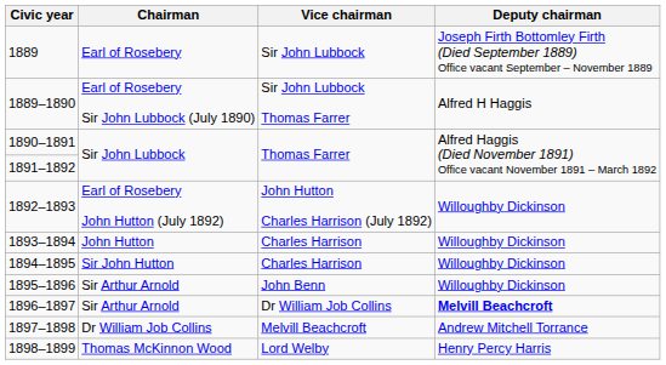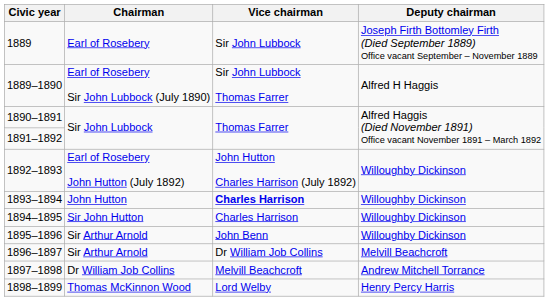 <table class="wikitable" border="1">
 <tr>
 <th>Civic year</th>
 <th>Chairman</th>
 <th>Vice chairman</th>
 <th>Deputy chairman</th>
 </tr>
 <tr>
 <td>1889</td>
 <td><a href='#'>Earl of Rosebery</a></td>
 <td>Sir <a href='#'>John Lubbock</a></td>
 <td><a href='#'>Joseph Firth Bottomley Firth</a> <br><em>(Died September 1889)</em><br><small>Office vacant September – November 1889</small></td>
 </tr>
 <tr>
 <td>1889–1890</td>
 <td><a href='#'>Earl of Rosebery</a><br><br>Sir <a href='#'>John Lubbock</a> (July 1890)</td>
 <td>Sir <a href='#'>John Lubbock</a><br><br><a href='#'>Thomas Farrer</a></td>
 <td>Alfred H Haggis</td>
 </tr>
 <tr>
 <td>1890–1891</td>
 <td rowspan=2>Sir <a href='#'>John Lubbock</a></td>
 <td rowspan=2><a href='#'>Thomas Farrer</a></td>
 <td rowspan=2>Alfred Haggis <br><em>(Died November 1891)</em><br><small>Office vacant November 1891 – March 1892</small></td>
 </tr>
 <tr>
 <td>1891–1892</td>
 </tr>
 <tr>
 <td>1892–1893</td>
 <td><a href='#'>Earl of Rosebery</a><br><br><a href='#'>John Hutton</a> (July 1892)</td>
 <td><a href='#'>John Hutton</a><br><br><a href='#'>Charles Harrison</a> (July 1892)</td>
 <td><a href='#'>Willoughby Dickinson</a></td>
 </tr>
 <tr>
 <td>1893–1894</td>
 <td><a href='#'>John Hutton</a></td>
-<td><a href='#'>Charles Harrison</a></td>
+<td><strong><a href='#'>Charles Harrison</a></strong></td>
 <td><a href='#'>Willoughby Dickinson</a></td>
 </tr>
 <tr>
 <td>1894–1895</td>
 <td><a href='#'>Sir John Hutton</a></td>
 <td><a href='#'>Charles Harrison</a></td>
 <td><a href='#'>Willoughby Dickinson</a></td>
 </tr>
 <tr>
 <td>1895–1896</td>
 <td>Sir <a href='#'>Arthur Arnold</a></td>
 <td><a href='#'>John Benn</a></td>
 <td><a href='#'>Willoughby Dickinson</a></td>
 </tr>
 <tr>
 <td>1896–1897</td>
 <td>Sir <a href='#'>Arthur Arnold</a></td>
 <td>Dr <a href='#'>William Job Collins</a></td>
-<td><strong><a href='#'>Melvill Beachcroft</a></strong></td>
+<td><a href='#'>Melvill Beachcroft</a></td>
 </tr>
 <tr>
 <td>1897–1898</td>
 <td>Dr <a href='#'>William Job Collins</a></td>
 <td><a href='#'>Melvill Beachcroft</a></td>
 <td><a href='#'>Andrew Mitchell Torrance</a></td>
 </tr>
 <tr>
 <td>1898–1899</td>
 <td><a href='#'>Thomas McKinnon Wood</a></td>
 <td><a href='#'>Lord Welby</a></td>
 <td><a href='#'>Henry Percy Harris</a></td>
 </tr>
 </table>
